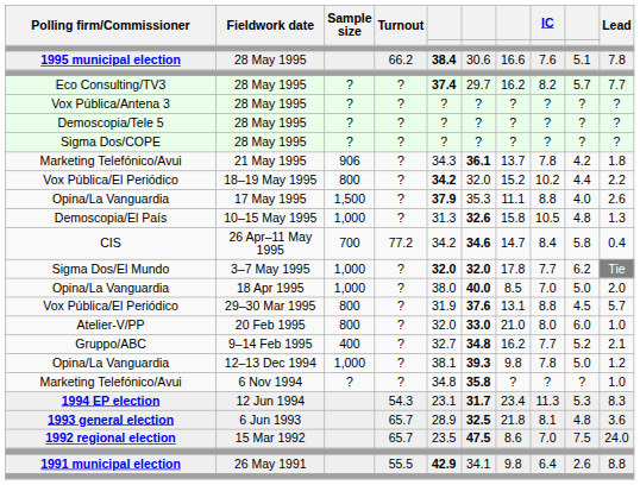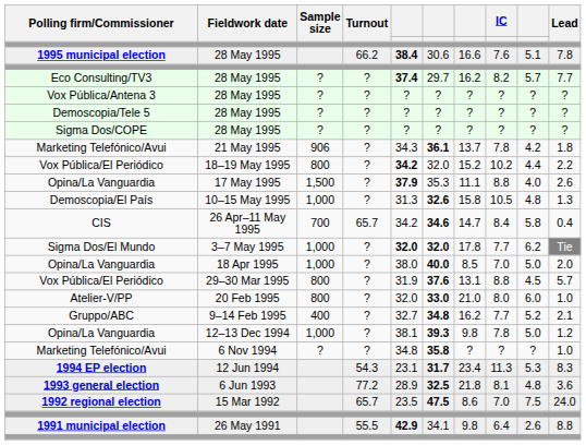 <table class="wikitable collapsible collapsed" style="text-align:center; font-size:95%; line-height:16px;">
 <tr style="height:42px;">
 <th style="width:250px;" rowspan="2">Polling firm/Commissioner</th>
 <th style="width:125px;" rowspan="2">Fieldwork date</th>
 <th style="width:50px;" rowspan="2">Sample size</th>
 <th style="width:45px;" rowspan="2">Turnout</th>
 <th style="width:35px;"></th>
 <th style="width:35px;"></th>
 <th style="width:35px;"></th>
 <th style="width:35px;"><a href='#'>IC</a></th>
 <th style="width:35px;"></th>
 <th style="width:30px;" rowspan="2">Lead</th>
 </tr>
 <tr>
 <th style="color:inherit;background:"></th>
 <th style="color:inherit;background:"></th>
 <th style="color:inherit;background:"></th>
 <th style="color:inherit;background:"></th>
 <th style="color:inherit;background:"></th>
 </tr>
 <tr>
 <td colspan="10" style="background:#A0A0A0"></td>
 </tr>
 <tr style="background:#EFEFEF;">
 <td><strong><a href='#'>1995 municipal election</a></strong></td>
 <td>28 May 1995</td>
 <td></td>
 <td>66.2</td>
 <td><strong>38.4</strong><br></td>
 <td>30.6<br></td>
 <td>16.6<br></td>
 <td>7.6<br></td>
 <td>5.1<br></td>
 <td style="background:">7.8</td>
 </tr>
 <tr>
 <td colspan="10" style="background:#A0A0A0"></td>
 </tr>
 <tr style="background:#EAFFEA;">
 <td>Eco Consulting/TV3</td>
 <td>28 May 1995</td>
 <td>?</td>
 <td>?</td>
 <td><strong>37.4</strong><br></td>
 <td>29.7<br></td>
 <td>16.2<br></td>
 <td>8.2<br></td>
 <td>5.7<br></td>
 <td style="background:">7.7</td>
 </tr>
 <tr style="background:#EAFFEA;">
 <td>Vox Pública/Antena 3</td>
 <td>28 May 1995</td>
 <td>?</td>
 <td>?</td>
 <td>?<br></td>
 <td>?<br></td>
 <td>?<br></td>
 <td>?<br></td>
 <td>?<br></td>
 <td style="background:">?</td>
 </tr>
 <tr style="background:#EAFFEA;">
 <td>Demoscopia/Tele 5</td>
 <td>28 May 1995</td>
 <td>?</td>
 <td>?</td>
 <td>?<br></td>
 <td>?<br></td>
 <td>?<br></td>
 <td>?<br></td>
 <td>?<br></td>
 <td style="background:">?</td>
 </tr>
 <tr style="background:#EAFFEA;">
 <td>Sigma Dos/COPE</td>
 <td>28 May 1995</td>
 <td>?</td>
 <td>?</td>
 <td>?<br></td>
 <td>?<br></td>
 <td>?<br></td>
 <td>?<br></td>
 <td>?<br></td>
 <td style="background:">?</td>
 </tr>
 <tr>
 <td>Marketing Telefónico/Avui</td>
 <td>21 May 1995</td>
 <td>906</td>
 <td>?</td>
 <td>34.3<br></td>
 <td><strong>36.1</strong><br></td>
 <td>13.7<br></td>
 <td>7.8<br></td>
 <td>4.2<br></td>
 <td style="background:">1.8</td>
 </tr>
 <tr>
 <td>Vox Pública/El Periódico</td>
 <td>18–19 May 1995</td>
 <td>800</td>
 <td>?</td>
 <td><strong>34.2</strong><br></td>
 <td>32.0<br></td>
 <td>15.2<br></td>
 <td>10.2<br></td>
 <td>4.4<br></td>
 <td style="background:">2.2</td>
 </tr>
 <tr>
 <td>Opina/La Vanguardia</td>
 <td>17 May 1995</td>
 <td>1,500</td>
 <td>?</td>
 <td><strong>37.9</strong><br></td>
 <td>35.3<br></td>
 <td>11.1<br></td>
 <td>8.8<br></td>
 <td>4.0<br></td>
 <td style="background:">2.6</td>
 </tr>
 <tr>
 <td>Demoscopia/El País</td>
 <td>10–15 May 1995</td>
 <td>1,000</td>
 <td>?</td>
 <td>31.3<br></td>
 <td><strong>32.6</strong><br></td>
 <td>15.8<br></td>
 <td>10.5<br></td>
 <td>4.8<br></td>
 <td style="background:">1.3</td>
 </tr>
 <tr>
 <td>CIS</td>
 <td>26 Apr–11 May 1995</td>
 <td>700</td>
-<td>77.2</td>
+<td>65.7</td>
 <td>34.2</td>
 <td><strong>34.6</strong></td>
 <td>14.7</td>
 <td>8.4</td>
 <td>5.8</td>
 <td style="background:">0.4</td>
 </tr>
 <tr>
 <td>Sigma Dos/El Mundo</td>
 <td>3–7 May 1995</td>
 <td>1,000</td>
 <td>?</td>
 <td><strong>32.0</strong><br></td>
 <td><strong>32.0</strong><br></td>
 <td>17.8<br></td>
 <td>7.7<br></td>
 <td>6.2<br></td>
 <td style="background:gray; color:white;">Tie</td>
 </tr>
 <tr>
 <td>Opina/La Vanguardia</td>
 <td>18 Apr 1995</td>
 <td>1,000</td>
 <td>?</td>
 <td>38.0<br></td>
 <td><strong>40.0</strong><br></td>
 <td>8.5<br></td>
 <td>7.0<br></td>
 <td>5.0<br></td>
 <td style="background:">2.0</td>
 </tr>
 <tr>
 <td>Vox Pública/El Periódico</td>
 <td>29–30 Mar 1995</td>
 <td>800</td>
 <td>?</td>
 <td>31.9<br></td>
 <td><strong>37.6</strong><br></td>
 <td>13.1<br></td>
 <td>8.8<br></td>
 <td>4.5<br></td>
 <td style="background:">5.7</td>
 </tr>
 <tr>
 <td>Atelier-V/PP</td>
 <td>20 Feb 1995</td>
 <td>800</td>
 <td>?</td>
 <td>32.0<br></td>
 <td><strong>33.0</strong><br></td>
 <td>21.0<br></td>
 <td>8.0<br></td>
 <td>6.0<br></td>
 <td style="background:">1.0</td>
 </tr>
 <tr>
 <td>Gruppo/ABC</td>
 <td>9–14 Feb 1995</td>
 <td>400</td>
 <td>?</td>
 <td>32.7<br></td>
 <td><strong>34.8</strong><br></td>
 <td>16.2<br></td>
 <td>7.7<br></td>
 <td>5.2<br></td>
 <td style="background:">2.1</td>
 </tr>
 <tr>
 <td>Opina/La Vanguardia</td>
 <td>12–13 Dec 1994</td>
 <td>1,000</td>
 <td>?</td>
 <td>38.1<br></td>
 <td><strong>39.3</strong><br></td>
 <td>9.8<br></td>
 <td>7.8<br></td>
 <td>5.0<br></td>
 <td style="background:">1.2</td>
 </tr>
 <tr>
 <td>Marketing Telefónico/Avui</td>
 <td>6 Nov 1994</td>
 <td>?</td>
 <td>?</td>
 <td>34.8<br></td>
 <td><strong>35.8</strong><br></td>
 <td>?<br></td>
 <td>?<br></td>
 <td>?<br></td>
 <td style="background:">1.0</td>
 </tr>
 <tr style="background:#EFEFEF;">
 <td><strong><a href='#'>1994 EP election</a></strong></td>
 <td>12 Jun 1994</td>
 <td></td>
 <td>54.3</td>
 <td>23.1<br></td>
 <td><strong>31.7</strong><br></td>
 <td>23.4<br></td>
 <td>11.3<br></td>
 <td>5.3<br></td>
 <td style="background:">8.3</td>
 </tr>
 <tr style="background:#EFEFEF;">
 <td><strong><a href='#'>1993 general election</a></strong></td>
 <td>6 Jun 1993</td>
 <td></td>
-<td>65.7</td>
+<td>77.2</td>
 <td>28.9<br></td>
 <td><strong>32.5</strong><br></td>
 <td>21.8<br></td>
 <td>8.1<br></td>
 <td>4.8<br></td>
 <td style="background:">3.6</td>
 </tr>
 <tr style="background:#EFEFEF;">
 <td><strong><a href='#'>1992 regional election</a></strong></td>
 <td>15 Mar 1992</td>
 <td></td>
 <td>65.7</td>
 <td>23.5<br></td>
 <td><strong>47.5</strong><br></td>
 <td>8.6<br></td>
 <td>7.0<br></td>
 <td>7.5<br></td>
 <td style="background:">24.0</td>
 </tr>
 <tr>
 <td colspan="10" style="background:#A0A0A0"></td>
 </tr>
 <tr style="background:#EFEFEF;">
 <td><strong><a href='#'>1991 municipal election</a></strong></td>
 <td>26 May 1991</td>
 <td></td>
 <td>55.5</td>
 <td><strong>42.9</strong><br></td>
 <td>34.1<br></td>
 <td>9.8<br></td>
 <td>6.4<br></td>
 <td>2.6<br></td>
 <td style="background:">8.8</td>
 </tr>
 <tr>
 <td colspan="10" style="background:#A0A0A0"></td>
 </tr>
 </table>
